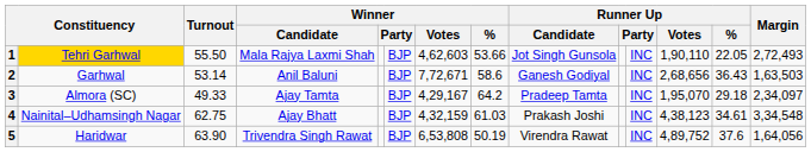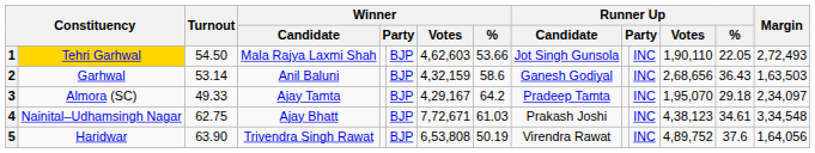 <table class="wikitable sortable" style="text-align:center;">
 <tr>
 <th colspan="2" rowspan="2">Constituency</th>
 <th rowspan="2">Turnout</th>
 <th colspan="5">Winner</th>
 <th colspan="5">Runner Up</th>
 <th rowspan="2">Margin</th>
 </tr>
 <tr>
 <th>Candidate</th>
 <th colspan="2">Party</th>
 <th>Votes</th>
 <th>%</th>
 <th>Candidate</th>
 <th colspan="2">Party</th>
 <th>Votes</th>
 <th>%</th>
 </tr>
 <tr>
 <th>1</th>
 <td style="background: gold;"><a href='#'>Tehri Garhwal</a></td>
-<td>55.50 </td>
+<td>54.50 </td>
 <td><a href='#'>Mala Rajya Laxmi Shah</a></td>
 <td></td>
 <td><a href='#'>BJP</a></td>
 <td>4,62,603</td>
 <td>53.66</td>
 <td><a href='#'>Jot Singh Gunsola</a></td>
 <td></td>
 <td scope="row" style="text-align: centre;"><a href='#'>INC</a></td>
 <td>1,90,110</td>
 <td>22.05</td>
 <td style="background:">2,72,493</td>
 </tr>
 <tr>
 <th>2</th>
 <td><a href='#'>Garhwal</a></td>
 <td>53.14 </td>
 <td><a href='#'>Anil Baluni</a></td>
 <td></td>
 <td><a href='#'>BJP</a></td>
-<td>7,72,671</td>
+<td>4,32,159</td>
 <td>58.6</td>
 <td><a href='#'>Ganesh Godiyal</a></td>
 <td></td>
 <td scope="row" style="text-align: centre;"><a href='#'>INC</a></td>
 <td>2,68,656</td>
 <td>36.43</td>
 <td style="background:">1,63,503</td>
 </tr>
 <tr>
 <th>3</th>
 <td><a href='#'>Almora</a> (SC)</td>
 <td>49.33 </td>
 <td><a href='#'>Ajay Tamta</a></td>
 <td></td>
 <td><a href='#'>BJP</a></td>
 <td>4,29,167</td>
 <td>64.2</td>
 <td><a href='#'>Pradeep Tamta</a></td>
 <td></td>
 <td scope="row" style="text-align: centre;"><a href='#'>INC</a></td>
 <td>1,95,070</td>
 <td>29.18</td>
 <td style="background:">2,34,097</td>
 </tr>
 <tr>
 <th>4</th>
 <td><a href='#'>Nainital–Udhamsingh Nagar</a></td>
 <td>62.75 </td>
 <td><a href='#'>Ajay Bhatt</a></td>
 <td></td>
 <td><a href='#'>BJP</a></td>
-<td>4,32,159</td>
+<td>7,72,671</td>
 <td>61.03</td>
 <td>Prakash Joshi</td>
 <td></td>
 <td scope="row" style="text-align: centre;"><a href='#'>INC</a></td>
 <td>4,38,123</td>
 <td>34.61</td>
 <td style="background:">3,34,548</td>
 </tr>
 <tr>
 <th>5</th>
 <td><a href='#'>Haridwar</a></td>
 <td>63.90 </td>
 <td><a href='#'>Trivendra Singh Rawat</a></td>
 <td></td>
 <td><a href='#'>BJP</a></td>
 <td>6,53,808</td>
 <td>50.19</td>
 <td>Virendra Rawat</td>
 <td></td>
 <td scope="row" style="text-align: centre;"><a href='#'>INC</a></td>
 <td>4,89,752</td>
 <td>37.6</td>
 <td style="background:">1,64,056</td>
 </tr>
 </table>
